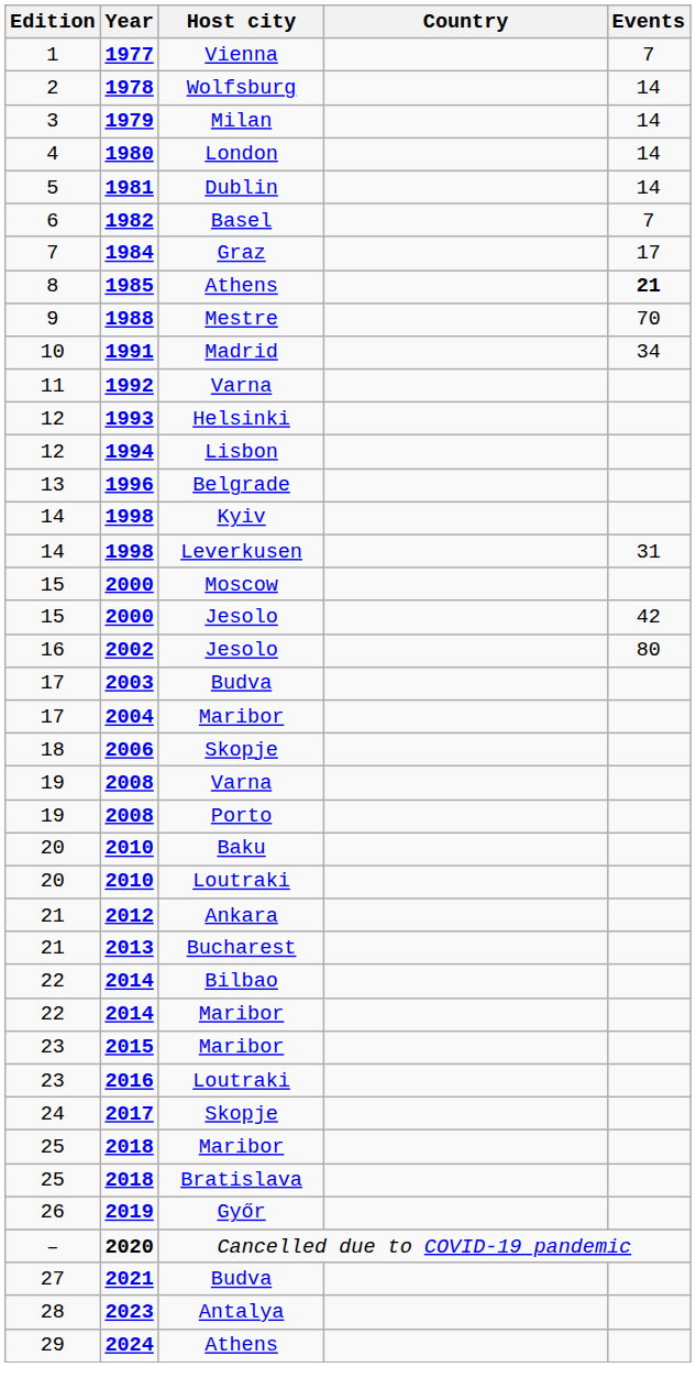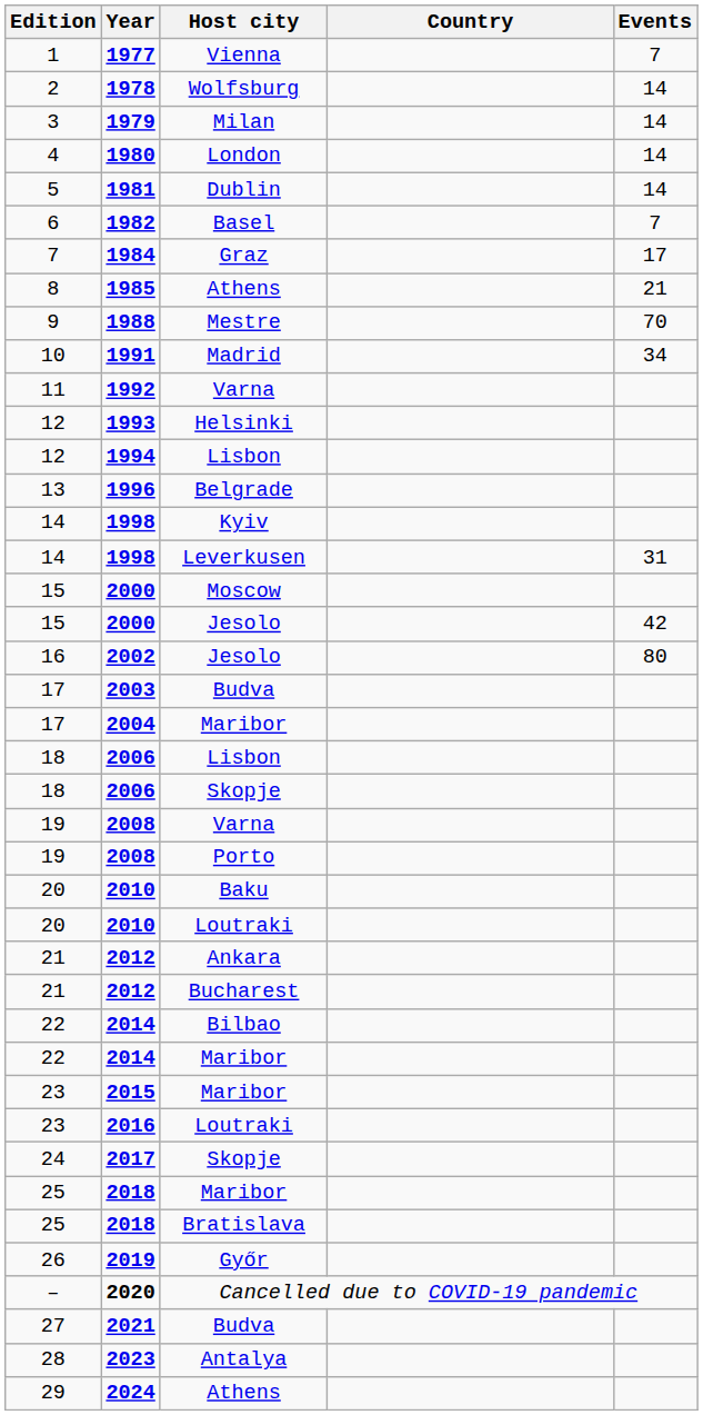 <table class="wikitable" style="text-align:center">
 <tr>
 <th width=30>Edition</th>
 <th width=30>Year</th>
 <th width=100>Host city</th>
 <th width=175>Country</th>
 <th width=30>Events</th>
 </tr>
 <tr>
 <td>1</td>
 <td><strong><a href='#'>1977</a></strong></td>
 <td><a href='#'>Vienna</a></td>
 <td align="left"></td>
 <td>7</td>
 </tr>
 <tr>
 <td>2</td>
 <td><strong><a href='#'>1978</a></strong></td>
 <td><a href='#'>Wolfsburg</a></td>
 <td align="left"></td>
 <td>14</td>
 </tr>
 <tr>
 <td>3</td>
 <td><strong><a href='#'>1979</a></strong></td>
 <td><a href='#'>Milan</a></td>
 <td align="left"></td>
 <td>14</td>
 </tr>
 <tr>
 <td>4</td>
 <td><strong><a href='#'>1980</a></strong></td>
 <td><a href='#'>London</a></td>
 <td align="left"></td>
 <td>14</td>
 </tr>
 <tr>
 <td>5</td>
 <td><strong><a href='#'>1981</a></strong></td>
 <td><a href='#'>Dublin</a></td>
 <td align="left"></td>
 <td>14</td>
 </tr>
 <tr>
 <td>6</td>
 <td><strong><a href='#'>1982</a></strong></td>
 <td><a href='#'>Basel</a></td>
 <td align="left"></td>
 <td>7</td>
 </tr>
 <tr>
 <td>7</td>
 <td><strong><a href='#'>1984</a></strong></td>
 <td><a href='#'>Graz</a></td>
 <td align="left"></td>
 <td>17</td>
 </tr>
 <tr>
 <td>8</td>
 <td><strong><a href='#'>1985</a></strong></td>
 <td><a href='#'>Athens</a></td>
 <td align="left"></td>
-<td><strong>21</strong></td>
+<td>21</td>
 </tr>
 <tr>
 <td>9</td>
 <td><strong><a href='#'>1988</a></strong></td>
 <td><a href='#'>Mestre</a></td>
 <td align="left"></td>
 <td>70</td>
 </tr>
 <tr>
 <td>10</td>
 <td><strong><a href='#'>1991</a></strong></td>
 <td><a href='#'>Madrid</a></td>
 <td align="left"></td>
 <td>34</td>
 </tr>
 <tr>
 <td>11</td>
 <td><strong><a href='#'>1992</a></strong></td>
 <td><a href='#'>Varna</a></td>
 <td align="left"></td>
 <td></td>
 </tr>
 <tr>
 <td>12</td>
 <td><strong><a href='#'>1993</a></strong></td>
 <td><a href='#'>Helsinki</a></td>
 <td align="left"></td>
 <td></td>
 </tr>
 <tr>
 <td>12</td>
 <td><strong><a href='#'>1994</a></strong></td>
 <td><a href='#'>Lisbon</a></td>
 <td align="left"></td>
 <td></td>
 </tr>
 <tr>
 <td>13</td>
 <td><strong><a href='#'>1996</a></strong></td>
 <td><a href='#'>Belgrade</a></td>
 <td align="left"></td>
 <td></td>
 </tr>
 <tr>
 <td>14</td>
 <td><strong><a href='#'>1998</a></strong></td>
 <td><a href='#'>Kyiv</a></td>
 <td align="left"></td>
 <td></td>
 </tr>
 <tr>
 <td>14</td>
 <td><strong><a href='#'>1998</a></strong></td>
 <td><a href='#'>Leverkusen</a></td>
 <td align="left"></td>
 <td>31</td>
 </tr>
 <tr>
 <td>15</td>
 <td><strong><a href='#'>2000</a></strong></td>
 <td><a href='#'>Moscow</a></td>
 <td align="left"></td>
 <td></td>
 </tr>
 <tr>
 <td>15</td>
 <td><strong><a href='#'>2000</a></strong></td>
 <td><a href='#'>Jesolo</a></td>
 <td align="left"></td>
 <td>42</td>
 </tr>
 <tr>
 <td>16</td>
 <td><strong><a href='#'>2002</a></strong></td>
 <td><a href='#'>Jesolo</a></td>
 <td align="left"></td>
 <td>80</td>
 </tr>
 <tr>
 <td>17</td>
 <td><strong><a href='#'>2003</a></strong></td>
 <td><a href='#'>Budva</a></td>
 <td align="left"></td>
 <td></td>
 </tr>
 <tr>
 <td>17</td>
 <td><strong><a href='#'>2004</a></strong></td>
 <td><a href='#'>Maribor</a></td>
 <td align="left"></td>
 <td></td>
 </tr>
 <tr>
 <td>18</td>
 <td><strong><a href='#'>2006</a></strong></td>
+<td><a href='#'>Lisbon</a></td>
+<td align="left"></td>
+<td></td>
+</tr>
+<tr>
+<td>18</td>
+<td><strong><a href='#'>2006</a></strong></td>
 <td><a href='#'>Skopje</a></td>
 <td align="left"></td>
 <td></td>
 </tr>
 <tr>
 <td>19</td>
 <td><strong><a href='#'>2008</a></strong></td>
 <td><a href='#'>Varna</a></td>
 <td align="left"></td>
 <td></td>
 </tr>
 <tr>
 <td>19</td>
 <td><strong><a href='#'>2008</a></strong></td>
 <td><a href='#'>Porto</a></td>
 <td align="left"></td>
 <td></td>
 </tr>
 <tr>
 <td>20</td>
 <td><strong><a href='#'>2010</a></strong></td>
 <td><a href='#'>Baku</a></td>
 <td align="left"></td>
 <td></td>
 </tr>
 <tr>
 <td>20</td>
 <td><strong><a href='#'>2010</a></strong></td>
 <td><a href='#'>Loutraki</a></td>
 <td align="left"></td>
 <td></td>
 </tr>
 <tr>
 <td>21</td>
 <td><strong><a href='#'>2012</a></strong></td>
 <td><a href='#'>Ankara</a></td>
 <td align="left"></td>
 <td></td>
 </tr>
 <tr>
 <td>21</td>
-<td><strong><a href='#'>2013</a></strong></td>
+<td><strong><a href='#'>2012</a></strong></td>
 <td><a href='#'>Bucharest</a></td>
 <td align="left"></td>
 <td></td>
 </tr>
 <tr>
 <td>22</td>
 <td><strong><a href='#'>2014</a></strong></td>
 <td><a href='#'>Bilbao</a></td>
 <td align="left"></td>
 <td></td>
 </tr>
 <tr>
 <td>22</td>
 <td><strong><a href='#'>2014</a></strong></td>
 <td><a href='#'>Maribor</a></td>
 <td align="left"></td>
 <td></td>
 </tr>
 <tr>
 <td>23</td>
 <td><strong><a href='#'>2015</a></strong></td>
 <td><a href='#'>Maribor</a></td>
 <td align="left"></td>
 <td></td>
 </tr>
 <tr>
 <td>23</td>
 <td><strong><a href='#'>2016</a></strong></td>
 <td><a href='#'>Loutraki</a></td>
 <td align="left"></td>
 <td></td>
 </tr>
 <tr>
 <td>24</td>
 <td><strong><a href='#'>2017</a></strong></td>
 <td><a href='#'>Skopje</a></td>
 <td align="left"></td>
 <td></td>
 </tr>
 <tr>
 <td>25</td>
 <td><strong><a href='#'>2018</a></strong></td>
 <td><a href='#'>Maribor</a></td>
 <td align="left"></td>
 <td></td>
 </tr>
 <tr>
 <td>25</td>
 <td><strong><a href='#'>2018</a></strong></td>
 <td><a href='#'>Bratislava</a></td>
 <td align="left"></td>
 <td></td>
 </tr>
 <tr>
 <td>26</td>
 <td><strong><a href='#'>2019</a></strong></td>
 <td><a href='#'>Győr</a></td>
 <td align="left"></td>
 <td></td>
 </tr>
 <tr>
 <td>–</td>
 <td><strong>2020</strong></td>
 <td colspan=3 align="center"><em>Cancelled due to <a href='#'>COVID-19 pandemic</a></em></td>
 </tr>
 <tr>
 <td>27</td>
 <td><strong><a href='#'>2021</a></strong></td>
 <td><a href='#'>Budva</a></td>
 <td align="left"></td>
 <td></td>
 </tr>
 <tr>
 <td>28</td>
 <td><strong><a href='#'>2023</a></strong></td>
 <td><a href='#'>Antalya</a></td>
 <td align="left"></td>
 <td></td>
 </tr>
 <tr>
 <td>29</td>
 <td><strong><a href='#'>2024</a></strong></td>
 <td><a href='#'>Athens</a></td>
 <td align="left"></td>
 <td></td>
 </tr>
 </table>
